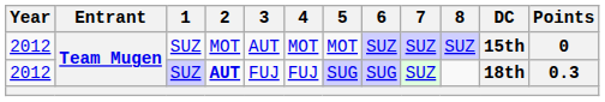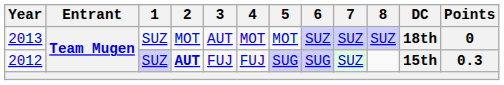 <table class="wikitable" style="text-align:center; font-size:85%">
 <tr>
 <th>Year</th>
 <th>Entrant</th>
 <th>1</th>
 <th>2</th>
 <th>3</th>
 <th>4</th>
 <th>5</th>
 <th>6</th>
 <th>7</th>
 <th>8</th>
 <th>DC</th>
 <th>Points</th>
 </tr>
 <tr>
-<td><a href='#'>2012</a></td>
+<td><a href='#'>2013</a></td>
 <th rowspan=2 nowrap><a href='#'>Team Mugen</a></th>
 <td><a href='#'>SUZ</a></td>
 <td><a href='#'>MOT</a></td>
 <td><a href='#'>AUT</a></td>
 <td><a href='#'>MOT</a></td>
 <td><a href='#'>MOT</a></td>
 <td style="background:#CFCFFF;"><a href='#'>SUZ</a><br></td>
 <td style="background:#cfcfff;"><a href='#'>SUZ</a><br></td>
 <td style="background:#cfcfff;"><a href='#'>SUZ</a><br></td>
-<th>15th</th>
+<th>18th</th>
 <th>0</th>
 </tr>
 <tr>
 <td><a href='#'>2012</a></td>
 <td style="background:#CFCFFF;"><a href='#'>SUZ</a><br></td>
 <td><strong><a href='#'>AUT</a></strong></td>
 <td><a href='#'>FUJ</a></td>
 <td><a href='#'>FUJ</a></td>
 <td style="background:#CFCFFF;"><a href='#'>SUG</a><br></td>
 <td style="background:#cfcfff;"><a href='#'>SUG</a><br></td>
 <td style="background:#DFFFDF;"><a href='#'>SUZ</a><br></td>
 <td></td>
-<th>18th</th>
+<th>15th</th>
 <th>0.3</th>
 </tr>
 <tr>
 <th colspan="12"></th>
 </tr>
 </table>
